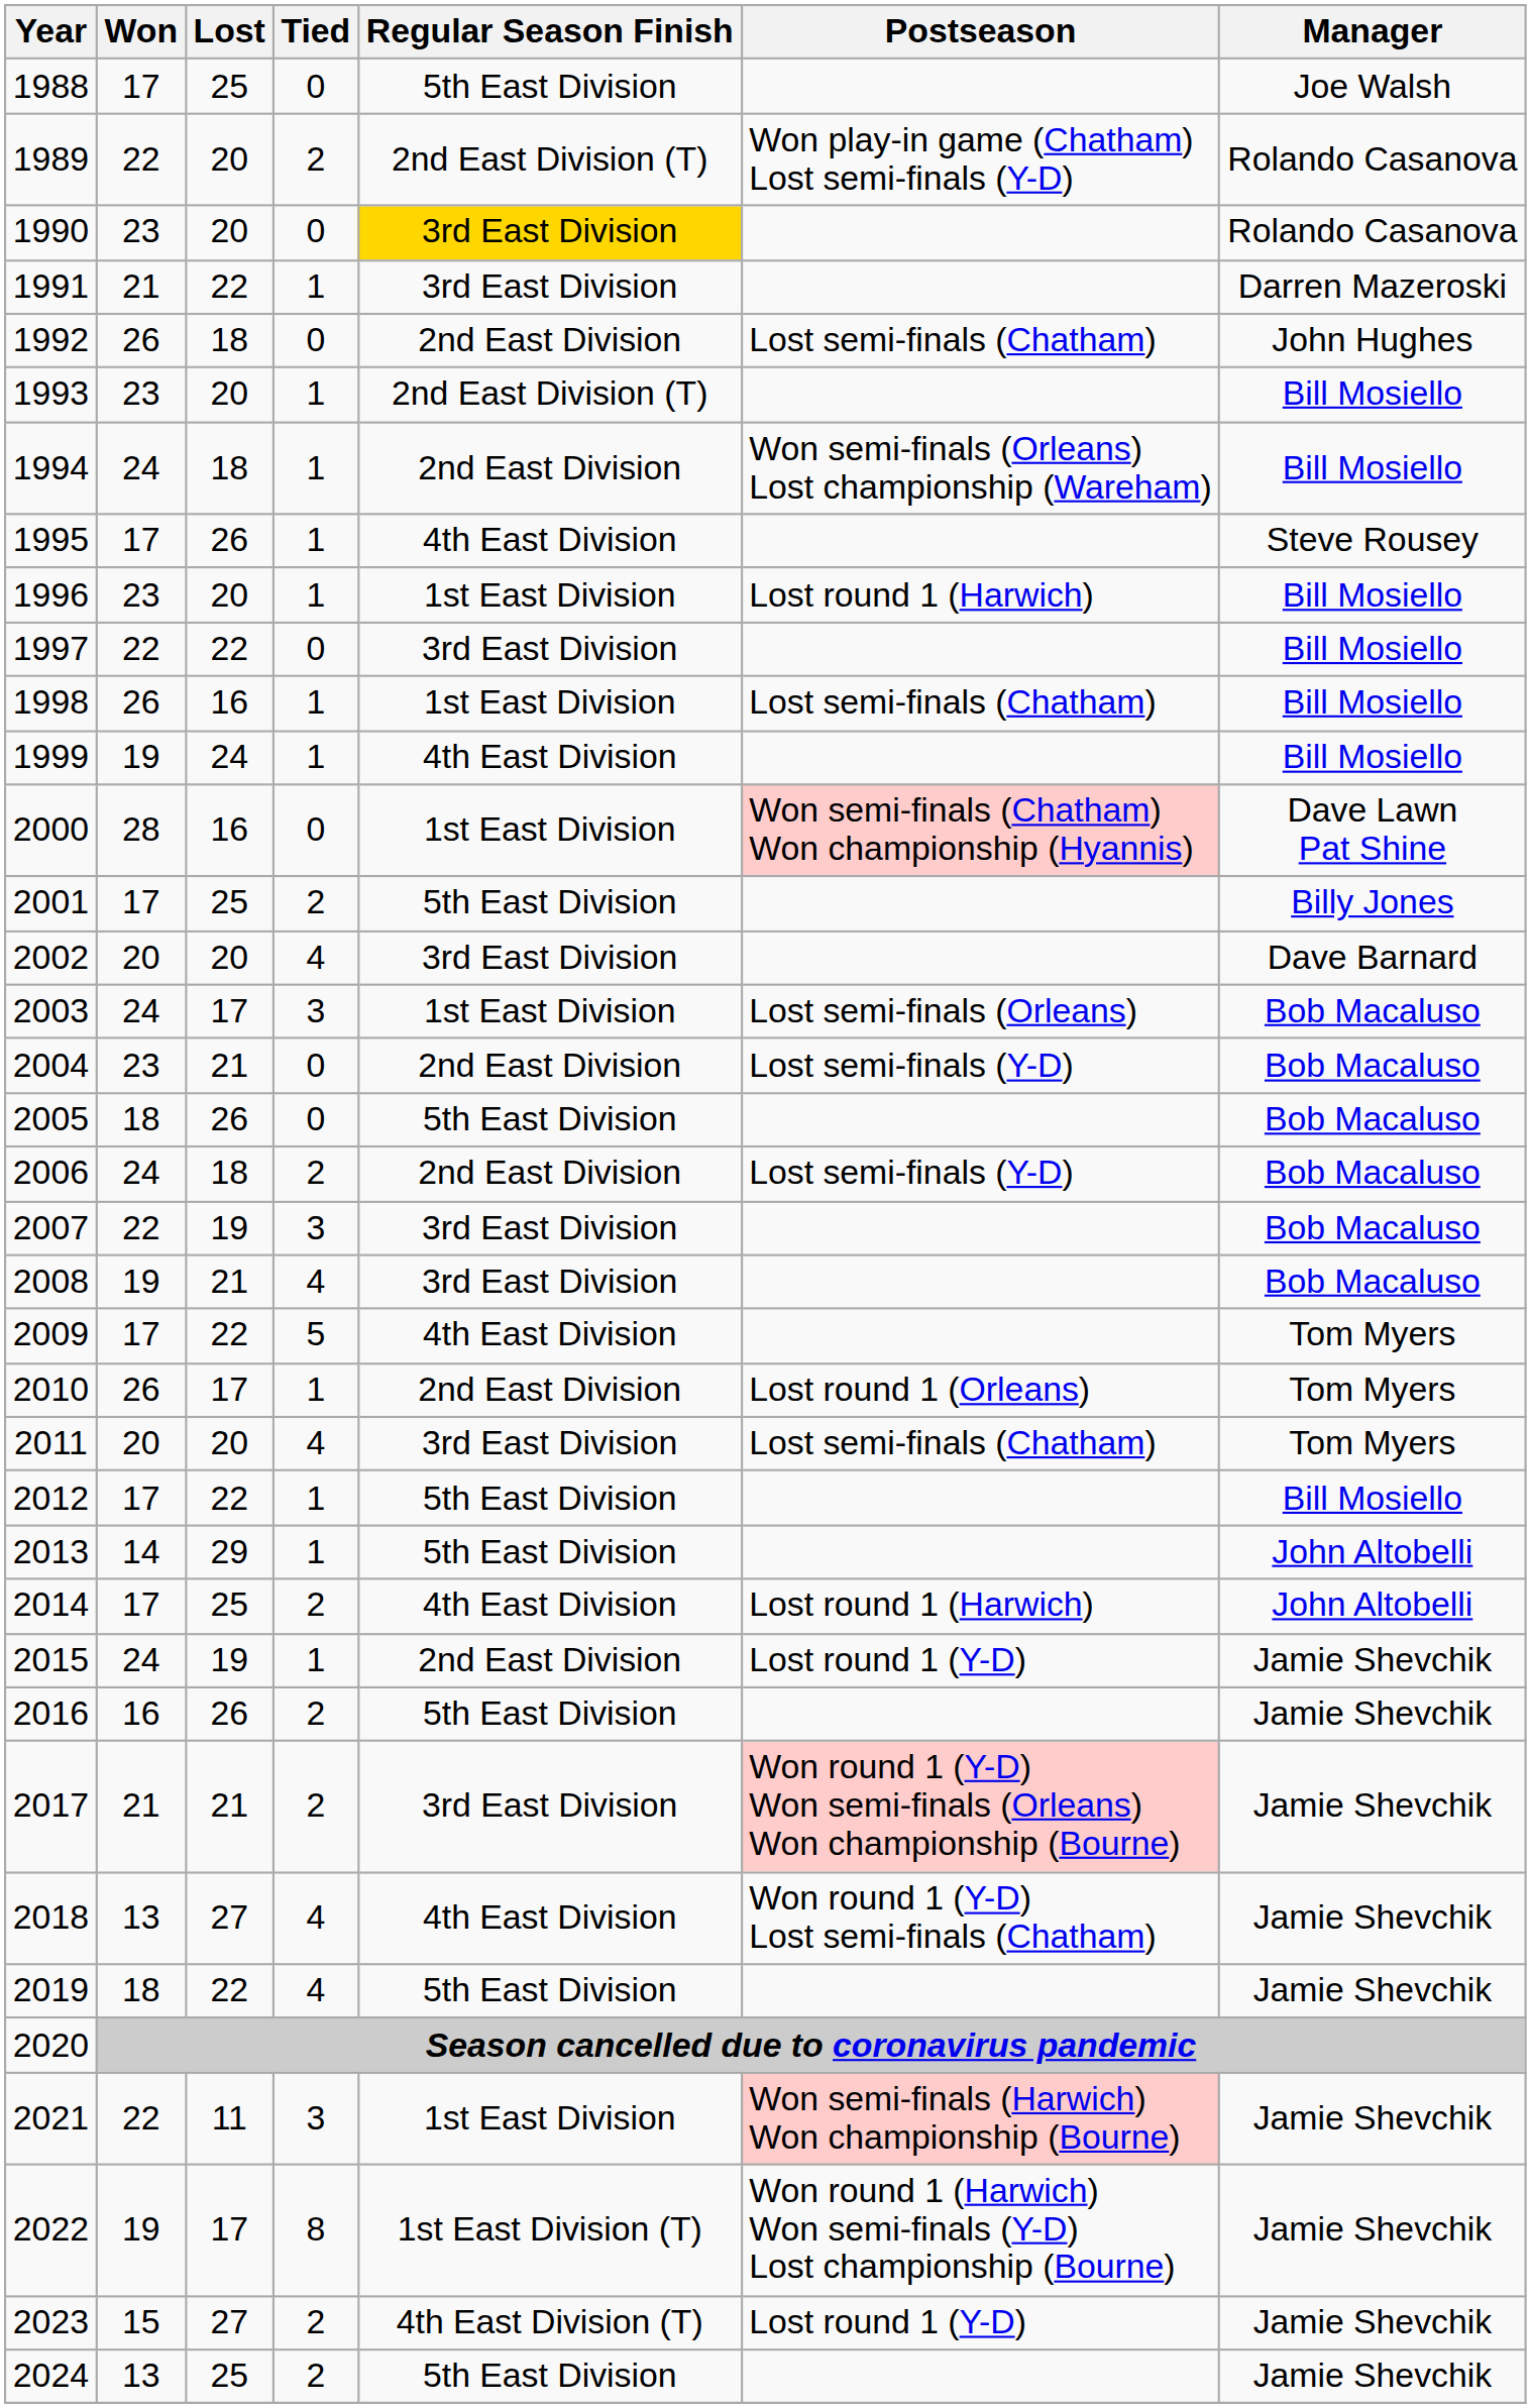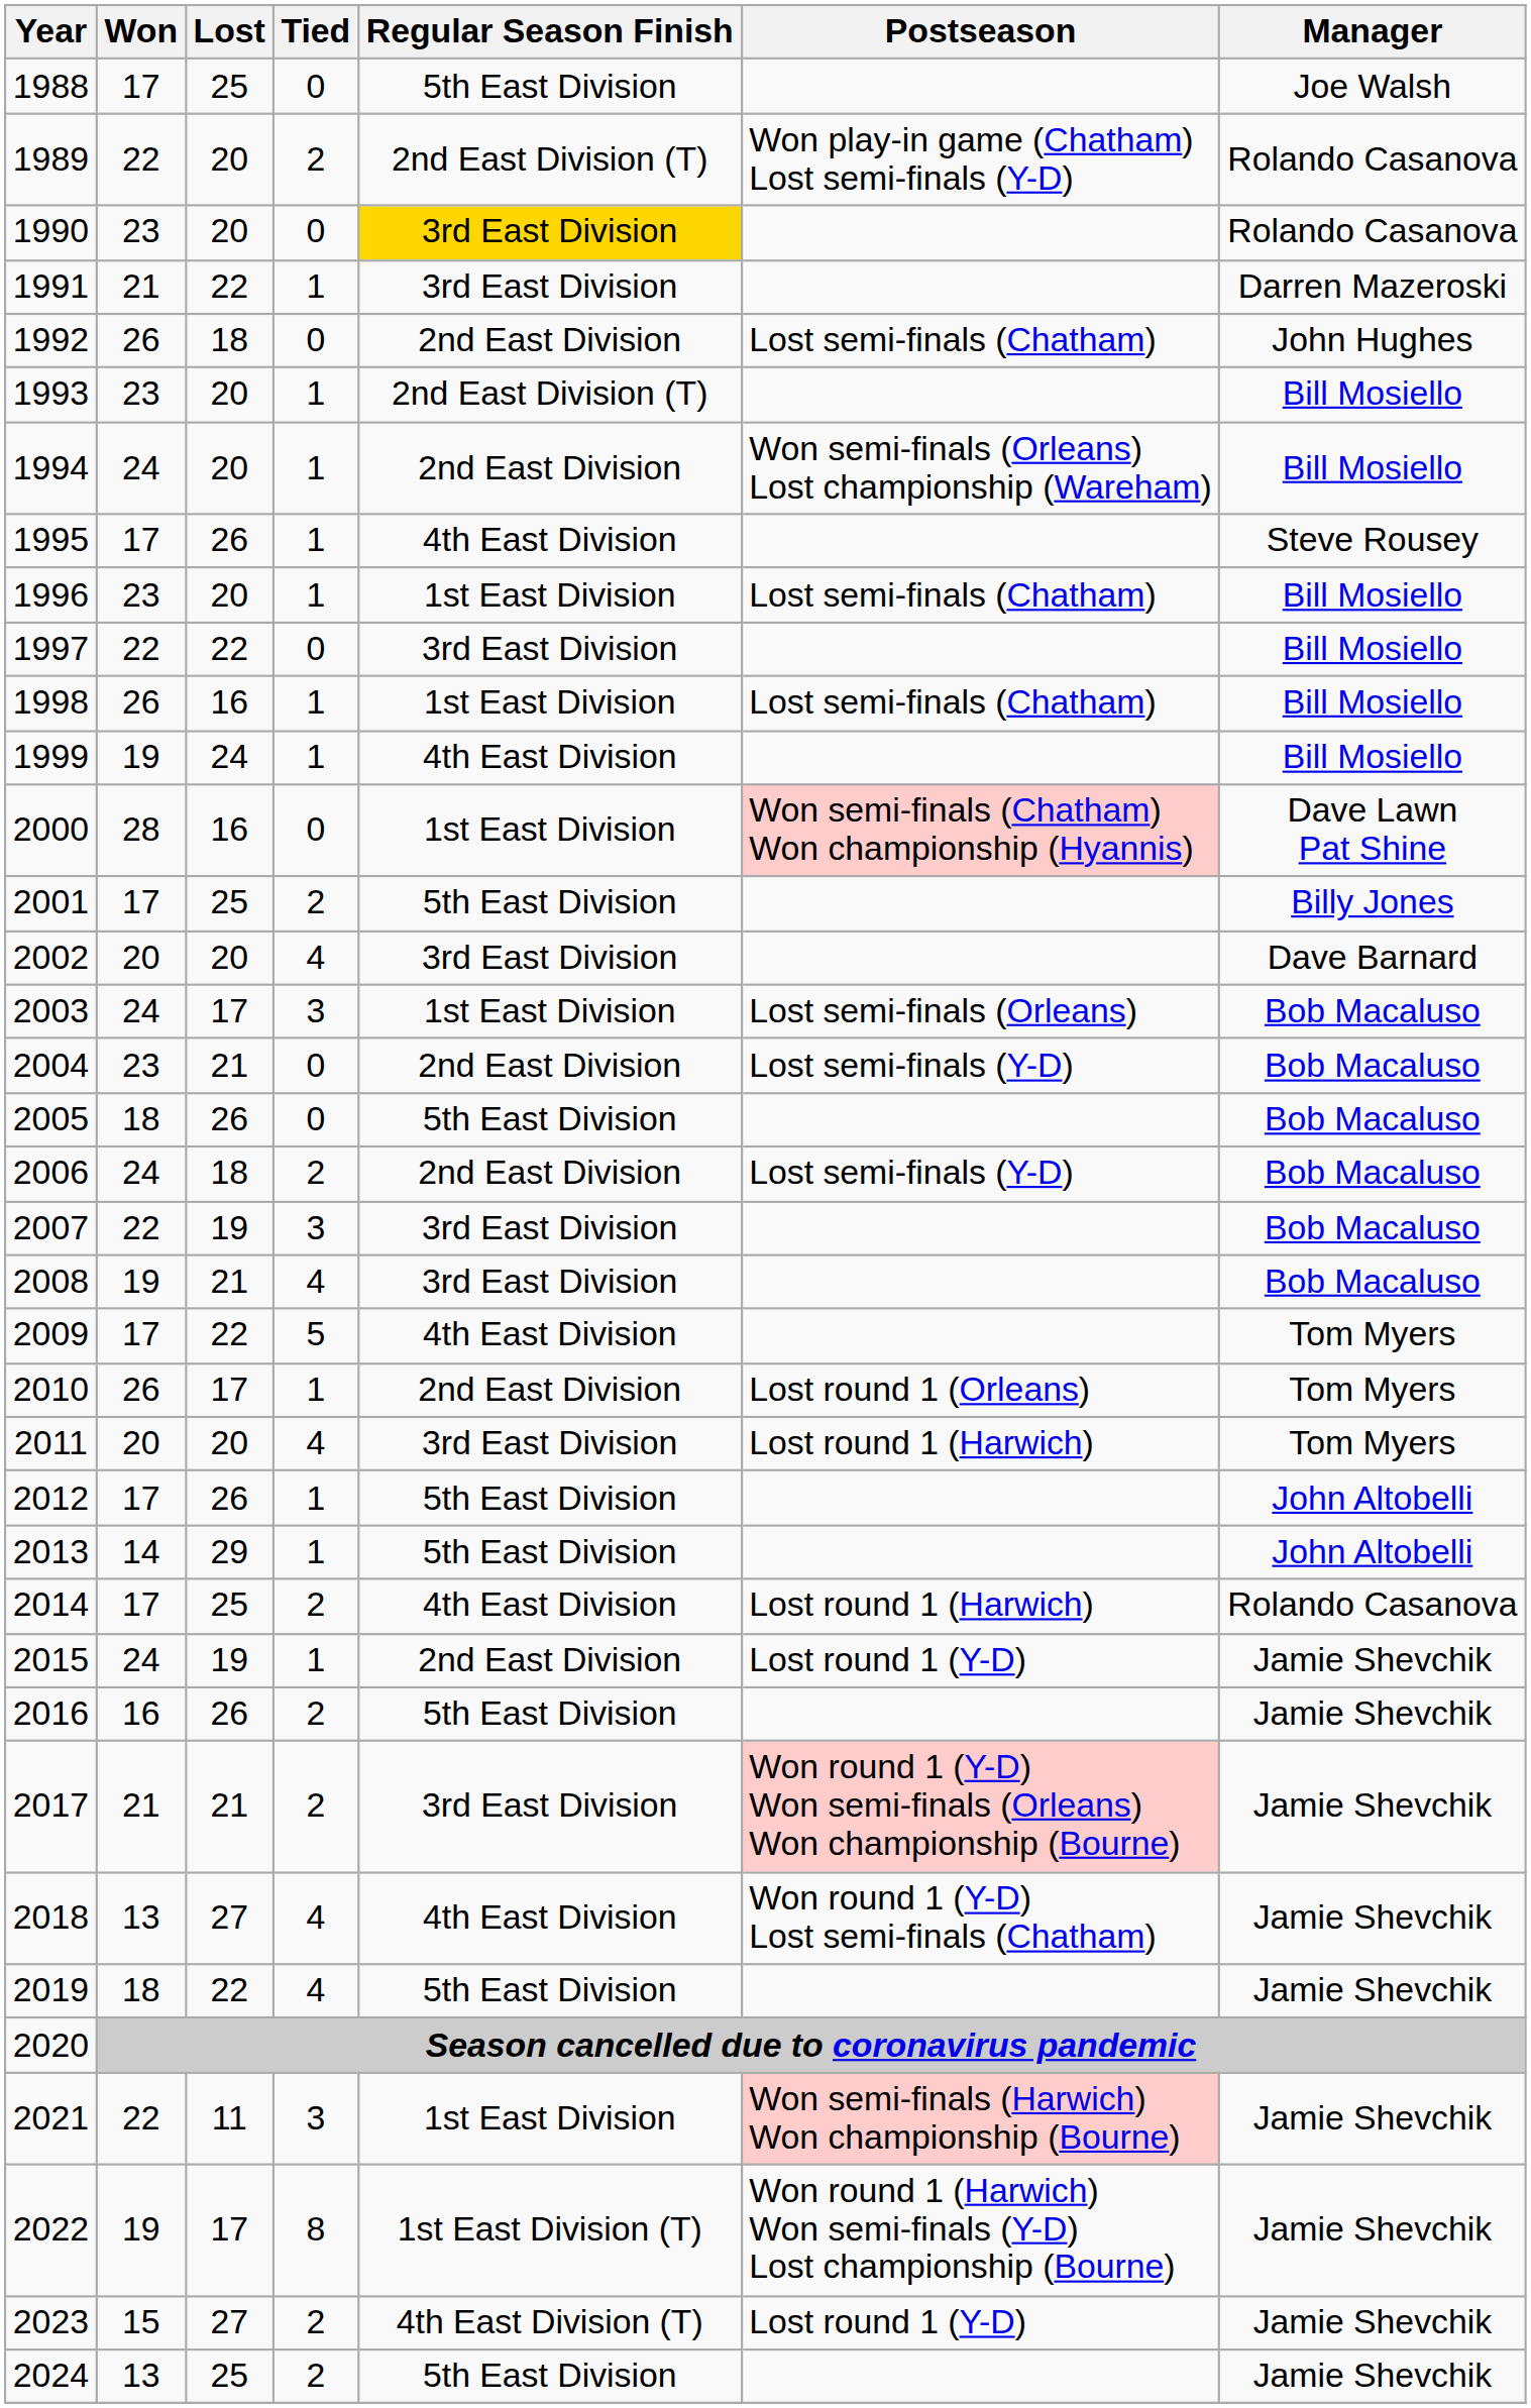 <table class="wikitable" style="text-align:center">
 <tr>
 <th>Year</th>
 <th>Won</th>
 <th>Lost</th>
 <th>Tied</th>
 <th>Regular Season Finish</th>
 <th>Postseason</th>
 <th>Manager</th>
 </tr>
 <tr>
 <td>1988</td>
 <td>17</td>
 <td>25</td>
 <td>0</td>
 <td>5th East Division</td>
 <td></td>
 <td>Joe Walsh</td>
 </tr>
 <tr>
 <td>1989</td>
 <td>22</td>
 <td>20</td>
 <td>2</td>
 <td>2nd East Division (T)</td>
 <td style="text-align:left">Won play-in game (<a href='#'>Chatham</a>)<br>Lost semi-finals (<a href='#'>Y-D</a>)</td>
 <td>Rolando Casanova</td>
 </tr>
 <tr>
 <td>1990</td>
 <td>23</td>
 <td>20</td>
 <td>0</td>
 <td style="background: gold;">3rd East Division</td>
 <td></td>
 <td>Rolando Casanova</td>
 </tr>
 <tr>
 <td>1991</td>
 <td>21</td>
 <td>22</td>
 <td>1</td>
 <td>3rd East Division</td>
 <td></td>
 <td>Darren Mazeroski</td>
 </tr>
 <tr>
 <td>1992</td>
 <td>26</td>
 <td>18</td>
 <td>0</td>
 <td>2nd East Division</td>
 <td style="text-align:left">Lost semi-finals (<a href='#'>Chatham</a>)</td>
 <td>John Hughes</td>
 </tr>
 <tr>
 <td>1993</td>
 <td>23</td>
 <td>20</td>
 <td>1</td>
 <td>2nd East Division (T)</td>
 <td></td>
 <td><a href='#'>Bill Mosiello</a></td>
 </tr>
 <tr>
 <td>1994</td>
 <td>24</td>
-<td>18</td>
+<td>20</td>
 <td>1</td>
 <td>2nd East Division</td>
 <td style="text-align:left">Won semi-finals (<a href='#'>Orleans</a>)<br>Lost championship (<a href='#'>Wareham</a>)</td>
 <td><a href='#'>Bill Mosiello</a></td>
 </tr>
 <tr>
 <td>1995</td>
 <td>17</td>
 <td>26</td>
 <td>1</td>
 <td>4th East Division</td>
 <td></td>
 <td>Steve Rousey</td>
 </tr>
 <tr>
 <td>1996</td>
 <td>23</td>
 <td>20</td>
 <td>1</td>
 <td>1st East Division</td>
-<td style="text-align:left">Lost round 1 (<a href='#'>Harwich</a>)</td>
+<td style="text-align:left">Lost semi-finals (<a href='#'>Chatham</a>)</td>
 <td><a href='#'>Bill Mosiello</a></td>
 </tr>
 <tr>
 <td>1997</td>
 <td>22</td>
 <td>22</td>
 <td>0</td>
 <td>3rd East Division</td>
 <td></td>
 <td><a href='#'>Bill Mosiello</a></td>
 </tr>
 <tr>
 <td>1998</td>
 <td>26</td>
 <td>16</td>
 <td>1</td>
 <td>1st East Division</td>
 <td style="text-align:left">Lost semi-finals (<a href='#'>Chatham</a>)</td>
 <td><a href='#'>Bill Mosiello</a></td>
 </tr>
 <tr>
 <td>1999</td>
 <td>19</td>
 <td>24</td>
 <td>1</td>
 <td>4th East Division</td>
 <td></td>
 <td><a href='#'>Bill Mosiello</a></td>
 </tr>
 <tr>
 <td>2000</td>
 <td>28</td>
 <td>16</td>
 <td>0</td>
 <td>1st East Division</td>
 <td style="text-align:left" bgcolor=#ffcccc>Won semi-finals (<a href='#'>Chatham</a>)<br>Won championship (<a href='#'>Hyannis</a>)</td>
 <td>Dave Lawn<br><a href='#'>Pat Shine</a></td>
 </tr>
 <tr>
 <td>2001</td>
 <td>17</td>
 <td>25</td>
 <td>2</td>
 <td>5th East Division</td>
 <td></td>
 <td><a href='#'>Billy Jones</a></td>
 </tr>
 <tr>
 <td>2002</td>
 <td>20</td>
 <td>20</td>
 <td>4</td>
 <td>3rd East Division</td>
 <td></td>
 <td>Dave Barnard</td>
 </tr>
 <tr>
 <td>2003</td>
 <td>24</td>
 <td>17</td>
 <td>3</td>
 <td>1st East Division</td>
 <td style="text-align:left">Lost semi-finals (<a href='#'>Orleans</a>)</td>
 <td><a href='#'>Bob Macaluso</a></td>
 </tr>
 <tr>
 <td>2004</td>
 <td>23</td>
 <td>21</td>
 <td>0</td>
 <td>2nd East Division</td>
 <td style="text-align:left">Lost semi-finals (<a href='#'>Y-D</a>)</td>
 <td><a href='#'>Bob Macaluso</a></td>
 </tr>
 <tr>
 <td>2005</td>
 <td>18</td>
 <td>26</td>
 <td>0</td>
 <td>5th East Division</td>
 <td></td>
 <td><a href='#'>Bob Macaluso</a></td>
 </tr>
 <tr>
 <td>2006</td>
 <td>24</td>
 <td>18</td>
 <td>2</td>
 <td>2nd East Division</td>
 <td style="text-align:left">Lost semi-finals (<a href='#'>Y-D</a>)</td>
 <td><a href='#'>Bob Macaluso</a></td>
 </tr>
 <tr>
 <td>2007</td>
 <td>22</td>
 <td>19</td>
 <td>3</td>
 <td>3rd East Division</td>
 <td></td>
 <td><a href='#'>Bob Macaluso</a></td>
 </tr>
 <tr>
 <td>2008</td>
 <td>19</td>
 <td>21</td>
 <td>4</td>
 <td>3rd East Division</td>
 <td></td>
 <td><a href='#'>Bob Macaluso</a></td>
 </tr>
 <tr>
 <td>2009</td>
 <td>17</td>
 <td>22</td>
 <td>5</td>
 <td>4th East Division</td>
 <td></td>
 <td>Tom Myers</td>
 </tr>
 <tr>
 <td>2010</td>
 <td>26</td>
 <td>17</td>
 <td>1</td>
 <td>2nd East Division</td>
 <td style="text-align:left">Lost round 1 (<a href='#'>Orleans</a>)</td>
 <td>Tom Myers</td>
 </tr>
 <tr>
 <td>2011</td>
 <td>20</td>
 <td>20</td>
 <td>4</td>
 <td>3rd East Division</td>
-<td style="text-align:left">Lost semi-finals (<a href='#'>Chatham</a>)</td>
+<td style="text-align:left">Lost round 1 (<a href='#'>Harwich</a>)</td>
 <td>Tom Myers</td>
 </tr>
 <tr>
 <td>2012</td>
 <td>17</td>
-<td>22</td>
+<td>26</td>
 <td>1</td>
 <td>5th East Division</td>
 <td></td>
-<td><a href='#'>Bill Mosiello</a></td>
+<td><a href='#'>John Altobelli</a></td>
 </tr>
 <tr>
 <td>2013</td>
 <td>14</td>
 <td>29</td>
 <td>1</td>
 <td>5th East Division</td>
 <td></td>
 <td><a href='#'>John Altobelli</a></td>
 </tr>
 <tr>
 <td>2014</td>
 <td>17</td>
 <td>25</td>
 <td>2</td>
 <td>4th East Division</td>
 <td style="text-align:left">Lost round 1 (<a href='#'>Harwich</a>)</td>
-<td><a href='#'>John Altobelli</a></td>
+<td>Rolando Casanova</td>
 </tr>
 <tr>
 <td>2015</td>
 <td>24</td>
 <td>19</td>
 <td>1</td>
 <td>2nd East Division</td>
 <td style="text-align:left">Lost round 1 (<a href='#'>Y-D</a>)</td>
 <td>Jamie Shevchik</td>
 </tr>
 <tr>
 <td>2016</td>
 <td>16</td>
 <td>26</td>
 <td>2</td>
 <td>5th East Division</td>
 <td></td>
 <td>Jamie Shevchik</td>
 </tr>
 <tr>
 <td>2017</td>
 <td>21</td>
 <td>21</td>
 <td>2</td>
 <td>3rd East Division</td>
 <td style="text-align:left" bgcolor=#ffcccc>Won round 1 (<a href='#'>Y-D</a>)<br>Won semi-finals (<a href='#'>Orleans</a>)<br>Won championship (<a href='#'>Bourne</a>)</td>
 <td>Jamie Shevchik</td>
 </tr>
 <tr>
 <td>2018</td>
 <td>13</td>
 <td>27</td>
 <td>4</td>
 <td>4th East Division</td>
 <td style="text-align:left">Won round 1 (<a href='#'>Y-D</a>)<br>Lost semi-finals (<a href='#'>Chatham</a>)</td>
 <td>Jamie Shevchik</td>
 </tr>
 <tr>
 <td>2019</td>
 <td>18</td>
 <td>22</td>
 <td>4</td>
 <td>5th East Division</td>
 <td></td>
 <td>Jamie Shevchik</td>
 </tr>
 <tr>
 <td>2020</td>
 <td colspan="6" align="center" bgcolor=#cccccc><strong><em>Season cancelled due to <a href='#'>coronavirus pandemic</a></em></strong></td>
 </tr>
 <tr>
 <td>2021</td>
 <td>22</td>
 <td>11</td>
 <td>3</td>
 <td>1st East Division</td>
 <td style="text-align:left" bgcolor=#ffcccc>Won semi-finals (<a href='#'>Harwich</a>)<br>Won championship (<a href='#'>Bourne</a>)</td>
 <td>Jamie Shevchik</td>
 </tr>
 <tr>
 <td>2022</td>
 <td>19</td>
 <td>17</td>
 <td>8</td>
 <td>1st East Division (T)</td>
 <td style="text-align:left">Won round 1 (<a href='#'>Harwich</a>)<br>Won semi-finals (<a href='#'>Y-D</a>)<br>Lost championship (<a href='#'>Bourne</a>)</td>
 <td>Jamie Shevchik</td>
 </tr>
 <tr>
 <td>2023</td>
 <td>15</td>
 <td>27</td>
 <td>2</td>
 <td>4th East Division (T)</td>
 <td style="text-align:left">Lost round 1 (<a href='#'>Y-D</a>)</td>
 <td>Jamie Shevchik</td>
 </tr>
 <tr>
 <td>2024</td>
 <td>13</td>
 <td>25</td>
 <td>2</td>
 <td>5th East Division</td>
 <td></td>
 <td>Jamie Shevchik</td>
 </tr>
 <tr>
 </tr>
 </table>
